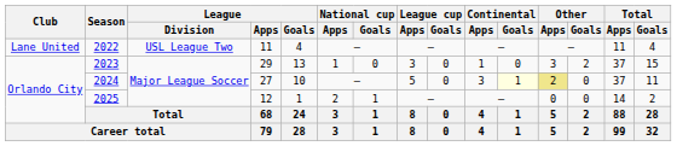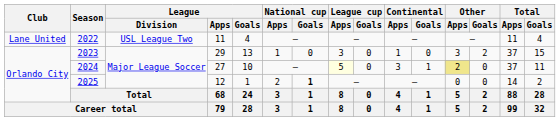 <table class="wikitable" style="text-align:center">
 <tr>
 <th rowspan="2">Club</th>
 <th rowspan="2">Season</th>
 <th colspan="3">League</th>
 <th colspan="2">National cup</th>
 <th colspan="2">League cup</th>
 <th colspan="2">Continental</th>
 <th colspan="2">Other</th>
 <th colspan="2">Total</th>
 </tr>
 <tr>
 <th>Division</th>
 <th>Apps</th>
 <th>Goals</th>
 <th>Apps</th>
 <th>Goals</th>
 <th>Apps</th>
 <th>Goals</th>
 <th>Apps</th>
 <th>Goals</th>
 <th>Apps</th>
 <th>Goals</th>
 <th>Apps</th>
 <th>Goals</th>
 </tr>
 <tr>
 <td><a href='#'>Lane United</a></td>
 <td><a href='#'>2022</a></td>
 <td><a href='#'>USL League Two</a></td>
 <td>11</td>
 <td>4</td>
 <td colspan="2">—</td>
 <td colspan="2">—</td>
 <td colspan="2">—</td>
 <td colspan="2">—</td>
 <td>11</td>
 <td>4</td>
 </tr>
 <tr>
 <td rowspan="4"><a href='#'>Orlando City</a></td>
 <td><a href='#'>2023</a></td>
 <td rowspan="3"><a href='#'>Major League Soccer</a></td>
 <td>29</td>
 <td>13</td>
 <td>1</td>
 <td>0</td>
 <td>3</td>
 <td>0</td>
 <td>1</td>
 <td>0</td>
 <td>3</td>
 <td>2</td>
 <td>37</td>
 <td>15</td>
 </tr>
 <tr>
 <td><a href='#'>2024</a></td>
 <td>27</td>
 <td>10</td>
 <td colspan="2">—</td>
-<td>5</td>
+<td style="background: lightyellow;">5</td>
 <td>0</td>
 <td>3</td>
-<td style="background: lightyellow;">1</td>
+<td>1</td>
 <td style="background: khaki;">2</td>
 <td>0</td>
 <td>37</td>
 <td>11</td>
 </tr>
 <tr>
 <td><a href='#'>2025</a></td>
 <td>12</td>
 <td>1</td>
 <td>2</td>
-<td>1</td>
+<td><strong>1</strong></td>
 <td colspan="2">—</td>
 <td colspan="2">—</td>
 <td>0</td>
 <td>0</td>
 <td>14</td>
 <td>2</td>
 </tr>
 <tr>
 <th colspan="2">Total</th>
 <th>68</th>
 <th>24</th>
 <th>3</th>
 <th>1</th>
 <th>8</th>
 <th>0</th>
 <th>4</th>
 <th>1</th>
 <th>5</th>
 <th>2</th>
 <th>88</th>
 <th>28</th>
 </tr>
 <tr>
 <th colspan="3">Career total</th>
 <th>79</th>
 <th>28</th>
 <th>3</th>
 <th>1</th>
 <th>8</th>
 <th>0</th>
 <th>4</th>
 <th>1</th>
 <th>5</th>
 <th>2</th>
 <th>99</th>
 <th>32</th>
 </tr>
 </table>
